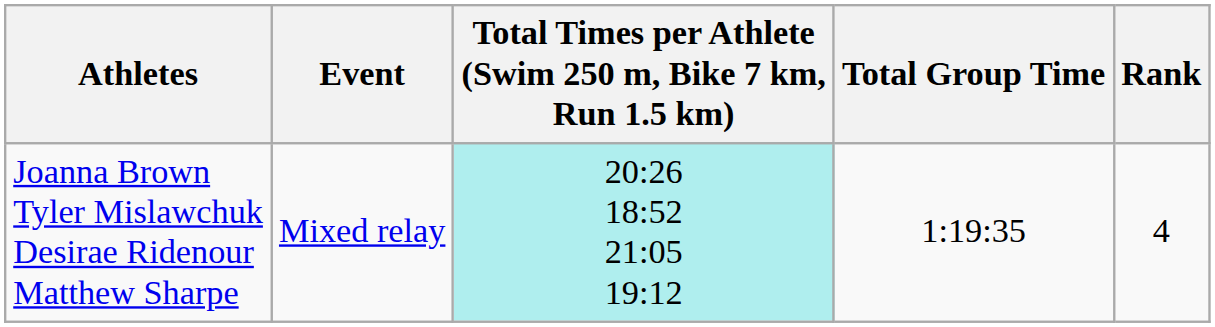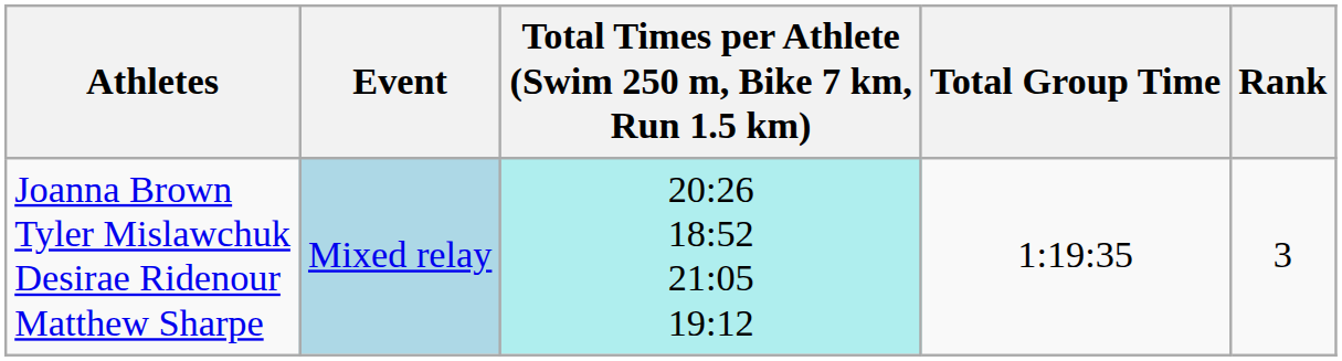 <table class="wikitable" border="1" style="font-size:90%">
 <tr>
 <th>Athletes</th>
 <th>Event</th>
 <th>Total Times per Athlete <br> (Swim 250 m, Bike 7 km, <br> Run 1.5 km)</th>
 <th>Total Group Time</th>
 <th>Rank</th>
 </tr>
 <tr align=center>
 <td align=left><a href='#'>Joanna Brown</a><br><a href='#'>Tyler Mislawchuk</a><br><a href='#'>Desirae Ridenour</a><br><a href='#'>Matthew Sharpe</a></td>
-<td align=left><a href='#'>Mixed relay</a></td>
+<td align=left style="background: lightblue;"><a href='#'>Mixed relay</a></td>
 <td style="background: paleturquoise;">20:26<br>18:52<br>21:05<br>19:12</td>
 <td>1:19:35</td>
-<td>4</td>
+<td>3</td>
 </tr>
 </table>
